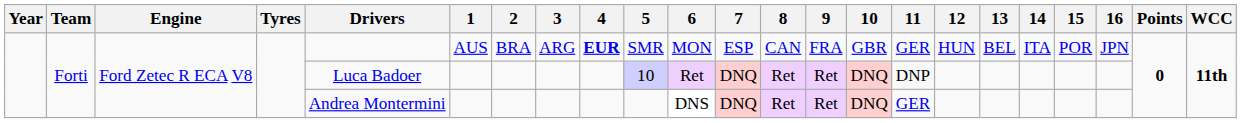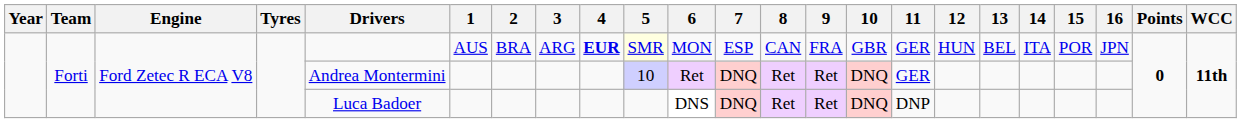 <table class="wikitable" style="text-align:center; font-size:95%">
 <tr>
 <th>Year</th>
 <th>Team</th>
 <th>Engine</th>
 <th>Tyres</th>
 <th>Drivers</th>
 <th>1</th>
 <th>2</th>
 <th>3</th>
 <th>4</th>
 <th>5</th>
 <th>6</th>
 <th>7</th>
 <th>8</th>
 <th>9</th>
 <th>10</th>
 <th>11</th>
 <th>12</th>
 <th>13</th>
 <th>14</th>
 <th>15</th>
 <th>16</th>
 <th>Points</th>
 <th>WCC</th>
 </tr>
 <tr>
 <td rowspan="3"></td>
 <td rowspan="3"><a href='#'>Forti</a></td>
 <td rowspan="3"><a href='#'>Ford Zetec R ECA</a> <a href='#'>V8</a></td>
 <td rowspan="3"></td>
 <td></td>
 <td><a href='#'>AUS</a></td>
 <td><a href='#'>BRA</a></td>
 <td><a href='#'>ARG</a></td>
 <td><strong><a href='#'>EUR</a></strong></td>
-<td><a href='#'>SMR</a></td>
+<td style="background: lightyellow;"><a href='#'>SMR</a></td>
 <td><a href='#'>MON</a></td>
 <td><a href='#'>ESP</a></td>
 <td><a href='#'>CAN</a></td>
 <td><a href='#'>FRA</a></td>
 <td><a href='#'>GBR</a></td>
 <td><a href='#'>GER</a></td>
 <td><a href='#'>HUN</a></td>
 <td><a href='#'>BEL</a></td>
 <td><a href='#'>ITA</a></td>
 <td><a href='#'>POR</a></td>
 <td><a href='#'>JPN</a></td>
 <td rowspan="3"><strong>0</strong></td>
 <td rowspan="3"><strong>11th</strong></td>
 </tr>
 <tr>
-<td><a href='#'>Luca Badoer</a></td>
+<td><a href='#'>Andrea Montermini</a></td>
 <td></td>
 <td></td>
 <td></td>
 <td></td>
 <td style="background:#CFCFFF;">10</td>
 <td style="background:#EFCFFF;">Ret</td>
+<td style="background:#FFCFCF;">DNQ</td>
+<td style="background:#EFCFFF;">Ret</td>
+<td style="background:#EFCFFF;">Ret</td>
+<td style="background:#FFCFCF;">DNQ</td>
+<td><a href='#'>GER</a></td>
+<td></td>
+<td></td>
+<td></td>
+<td></td>
+<td></td>
+</tr>
+<tr>
+<td><a href='#'>Luca Badoer</a></td>
+<td></td>
+<td></td>
+<td></td>
+<td></td>
+<td></td>
+<td style="background:#FFFFFF;">DNS</td>
 <td style="background:#FFCFCF;">DNQ</td>
 <td style="background:#EFCFFF;">Ret</td>
 <td style="background:#EFCFFF;">Ret</td>
 <td style="background:#FFCFCF;">DNQ</td>
 <td>DNP</td>
 <td></td>
 <td></td>
 <td></td>
 <td></td>
 <td></td>
 </tr>
-<tr>
-<td><a href='#'>Andrea Montermini</a></td>
-<td></td>
-<td></td>
-<td></td>
-<td></td>
-<td></td>
-<td style="background:#FFFFFF;">DNS</td>
-<td style="background:#FFCFCF;">DNQ</td>
-<td style="background:#EFCFFF;">Ret</td>
-<td style="background:#EFCFFF;">Ret</td>
-<td style="background:#FFCFCF;">DNQ</td>
-<td><a href='#'>GER</a></td>
-<td></td>
-<td></td>
-<td></td>
-<td></td>
-<td></td>
-</tr>
 </table>
